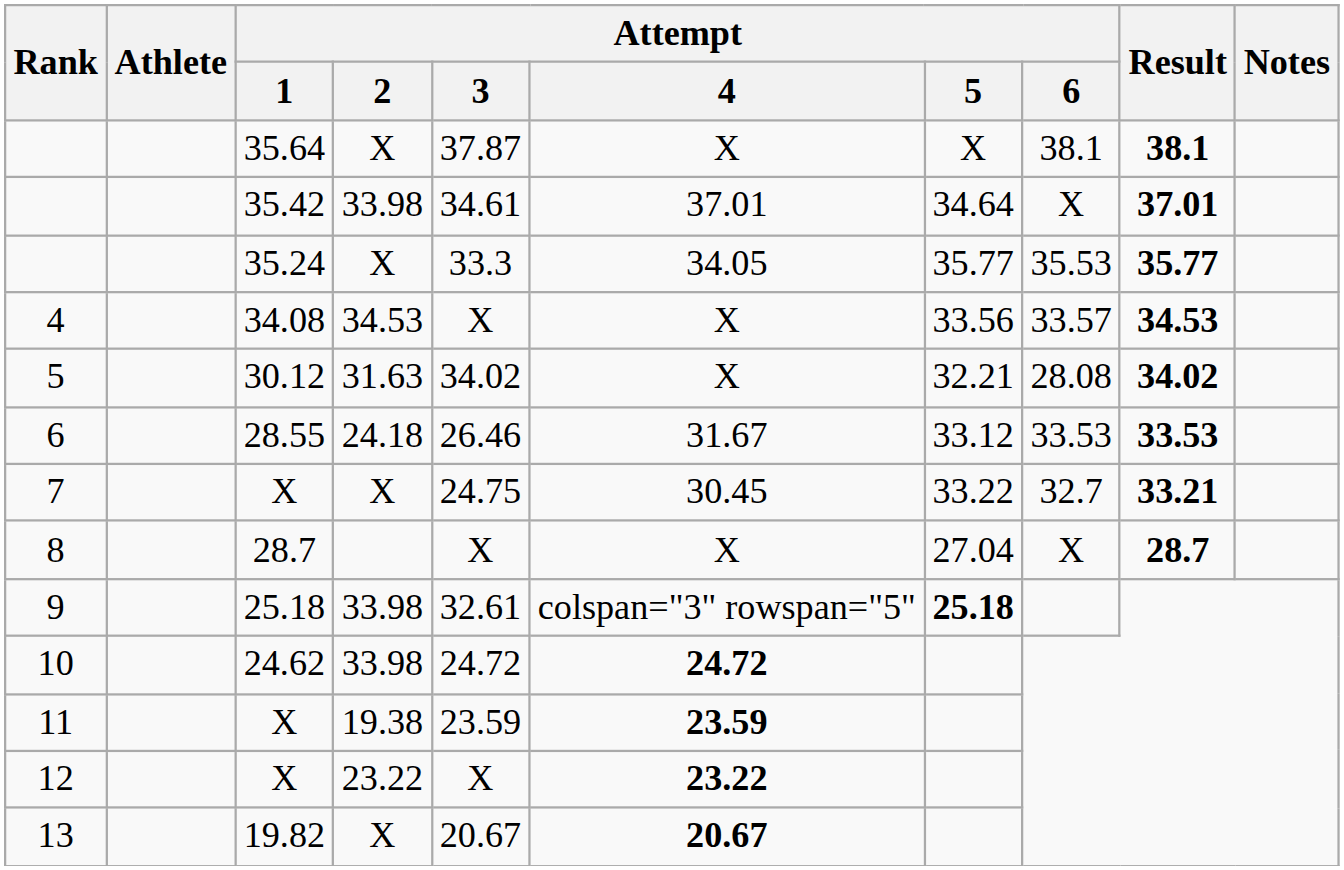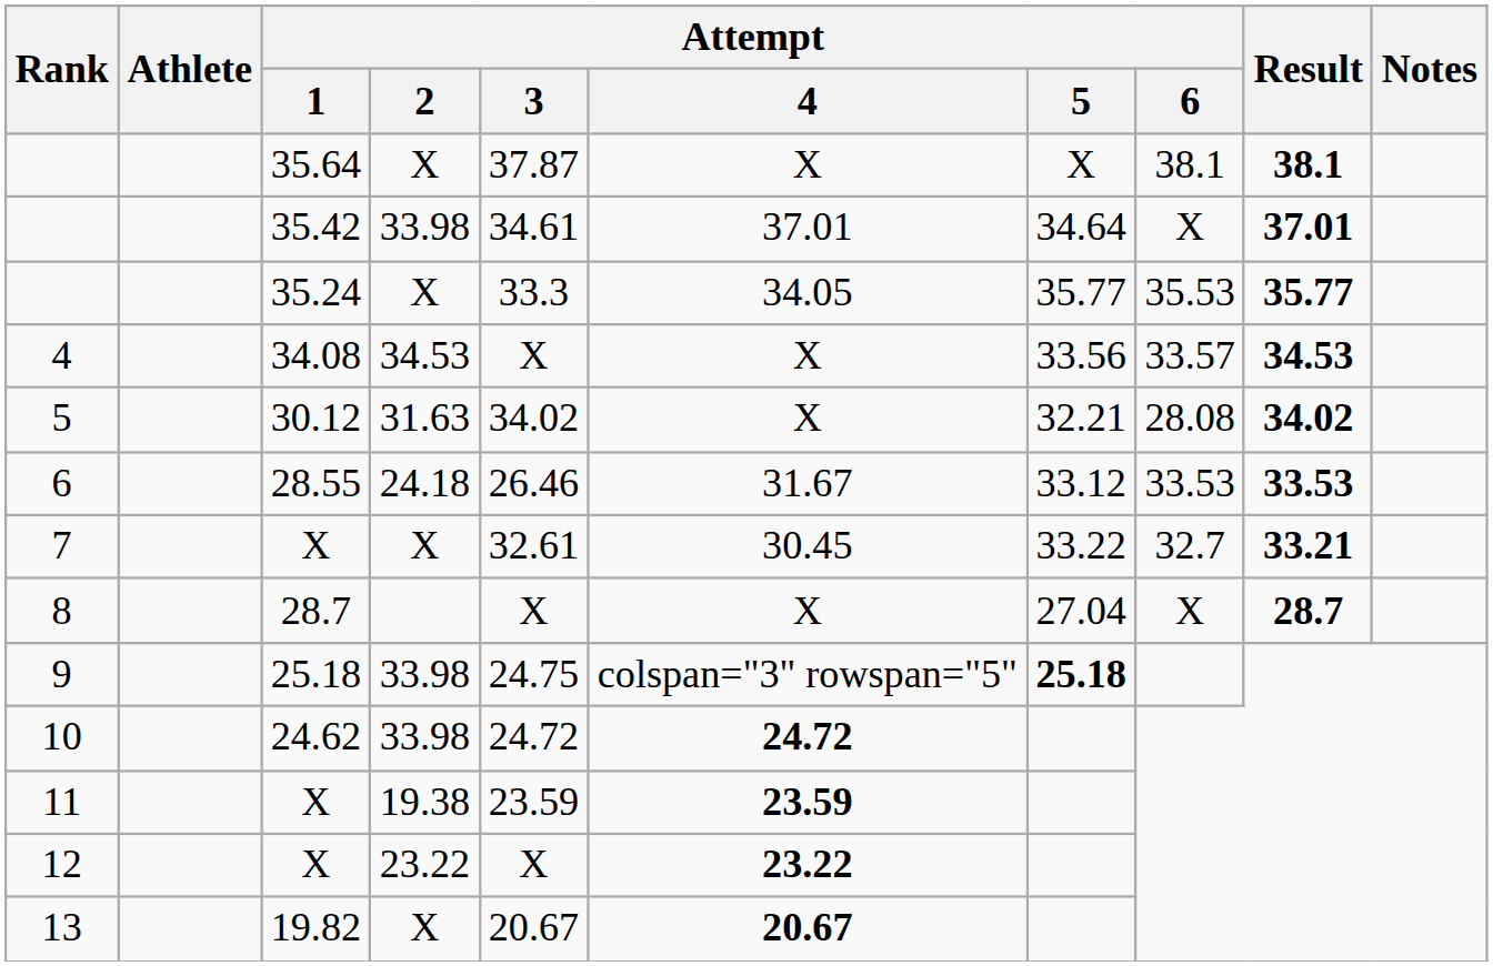 <table class='wikitable'>
 <tr>
 <th rowspan=2>Rank</th>
 <th rowspan=2>Athlete</th>
 <th colspan=6>Attempt</th>
 <th rowspan=2>Result</th>
 <th rowspan=2>Notes</th>
 </tr>
 <tr>
 <th>1</th>
 <th>2</th>
 <th>3</th>
 <th>4</th>
 <th>5</th>
 <th>6</th>
 </tr>
 <tr align=center>
 <td></td>
 <td align=left></td>
 <td>35.64</td>
 <td>X</td>
 <td>37.87</td>
 <td>X</td>
 <td>X</td>
 <td>38.1</td>
 <td><strong>38.1</strong></td>
 <td></td>
 </tr>
 <tr align=center>
 <td></td>
 <td align=left></td>
 <td>35.42</td>
 <td>33.98</td>
 <td>34.61</td>
 <td>37.01</td>
 <td>34.64</td>
 <td>X</td>
 <td><strong>37.01</strong></td>
 <td></td>
 </tr>
 <tr align=center>
 <td></td>
 <td align=left></td>
 <td>35.24</td>
 <td>X</td>
 <td>33.3</td>
 <td>34.05</td>
 <td>35.77</td>
 <td>35.53</td>
 <td><strong>35.77</strong></td>
 <td></td>
 </tr>
 <tr align=center>
 <td>4</td>
 <td align=left></td>
 <td>34.08</td>
 <td>34.53</td>
 <td>X</td>
 <td>X</td>
 <td>33.56</td>
 <td>33.57</td>
 <td><strong>34.53</strong></td>
 <td></td>
 </tr>
 <tr align=center>
 <td>5</td>
 <td align=left></td>
 <td>30.12</td>
 <td>31.63</td>
 <td>34.02</td>
 <td>X</td>
 <td>32.21</td>
 <td>28.08</td>
 <td><strong>34.02</strong></td>
 <td></td>
 </tr>
 <tr align=center>
 <td>6</td>
 <td align=left></td>
 <td>28.55</td>
 <td>24.18</td>
 <td>26.46</td>
 <td>31.67</td>
 <td>33.12</td>
 <td>33.53</td>
 <td><strong>33.53</strong></td>
 <td></td>
 </tr>
 <tr align=center>
 <td>7</td>
 <td align=left></td>
 <td>X</td>
 <td>X</td>
-<td>24.75</td>
+<td>32.61</td>
 <td>30.45</td>
 <td>33.22</td>
 <td>32.7</td>
 <td><strong>33.21</strong></td>
 <td></td>
 </tr>
 <tr align=center>
 <td>8</td>
 <td align=left></td>
 <td>28.7</td>
 <td></td>
 <td>X</td>
 <td>X</td>
 <td>27.04</td>
 <td>X</td>
 <td><strong>28.7</strong></td>
 <td></td>
 </tr>
 <tr align=center>
 <td>9</td>
 <td align=left></td>
 <td>25.18</td>
 <td>33.98</td>
-<td>32.61</td>
+<td>24.75</td>
 <td>colspan="3" rowspan="5" </td>
 <td><strong>25.18</strong></td>
 <td></td>
 </tr>
 <tr align=center>
 <td>10</td>
 <td align=left></td>
 <td>24.62</td>
 <td>33.98</td>
 <td>24.72</td>
 <td><strong>24.72</strong></td>
 <td></td>
 </tr>
 <tr align=center>
 <td>11</td>
 <td align=left></td>
 <td>X</td>
 <td>19.38</td>
 <td>23.59</td>
 <td><strong>23.59</strong></td>
 <td></td>
 </tr>
 <tr align=center>
 <td>12</td>
 <td align=left></td>
 <td>X</td>
 <td>23.22</td>
 <td>X</td>
 <td><strong>23.22</strong></td>
 <td></td>
 </tr>
 <tr align=center>
 <td>13</td>
 <td align=left></td>
 <td>19.82</td>
 <td>X</td>
 <td>20.67</td>
 <td><strong>20.67</strong></td>
 <td></td>
 </tr>
 </table>
